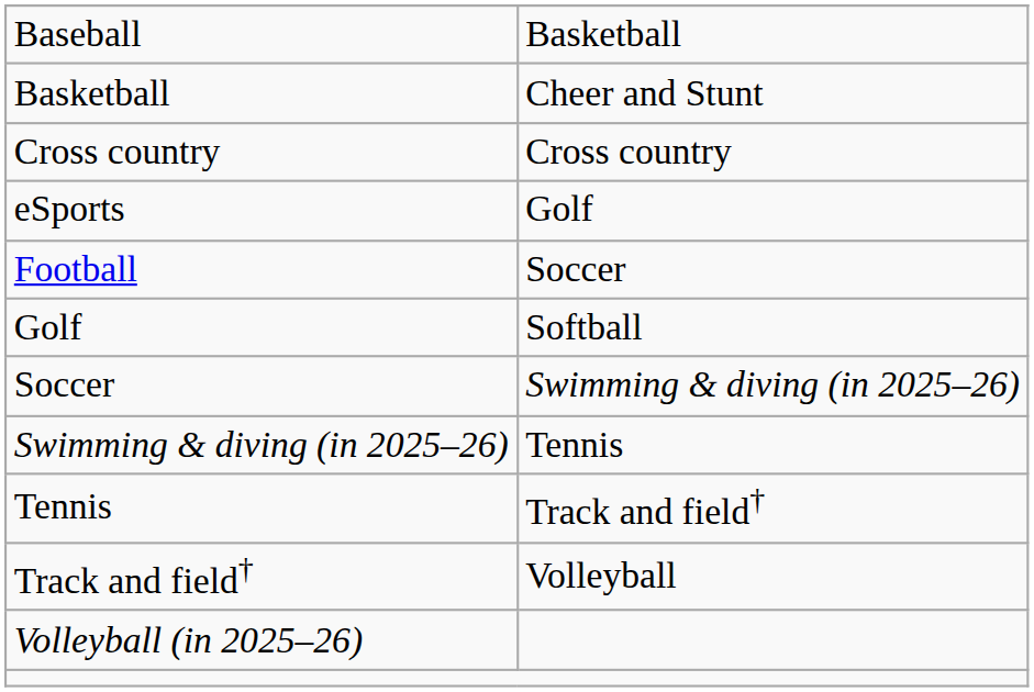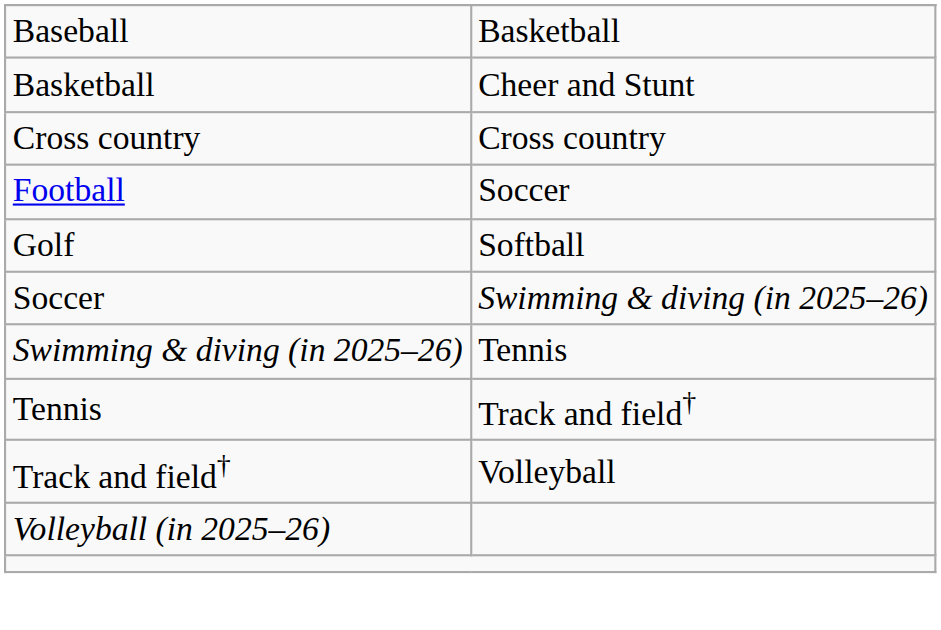 <table class="wikitable">
 <tr>
 </tr>
 <tr>
 <td>Baseball</td>
 <td>Basketball</td>
 </tr>
 <tr>
 <td>Basketball</td>
 <td>Cheer and Stunt</td>
 </tr>
 <tr>
 <td>Cross country</td>
 <td>Cross country</td>
-</tr>
-<tr>
-<td>eSports</td>
-<td>Golf</td>
 </tr>
 <tr>
 <td><a href='#'>Football</a></td>
 <td>Soccer</td>
 </tr>
 <tr>
 <td>Golf</td>
 <td>Softball</td>
 </tr>
 <tr>
 <td>Soccer</td>
 <td><em>Swimming & diving (in 2025–26)</em></td>
 </tr>
 <tr>
 <td><em>Swimming & diving (in 2025–26)</em></td>
 <td>Tennis</td>
 </tr>
 <tr>
 <td>Tennis</td>
 <td>Track and field<sup>†</sup></td>
 </tr>
 <tr>
 <td>Track and field<sup>†</sup></td>
 <td>Volleyball</td>
 </tr>
 <tr>
 <td><em>Volleyball (in 2025–26)</em></td>
 <td></td>
 </tr>
 <tr>
 <td colspan="2"></td>
 </tr>
 </table>
